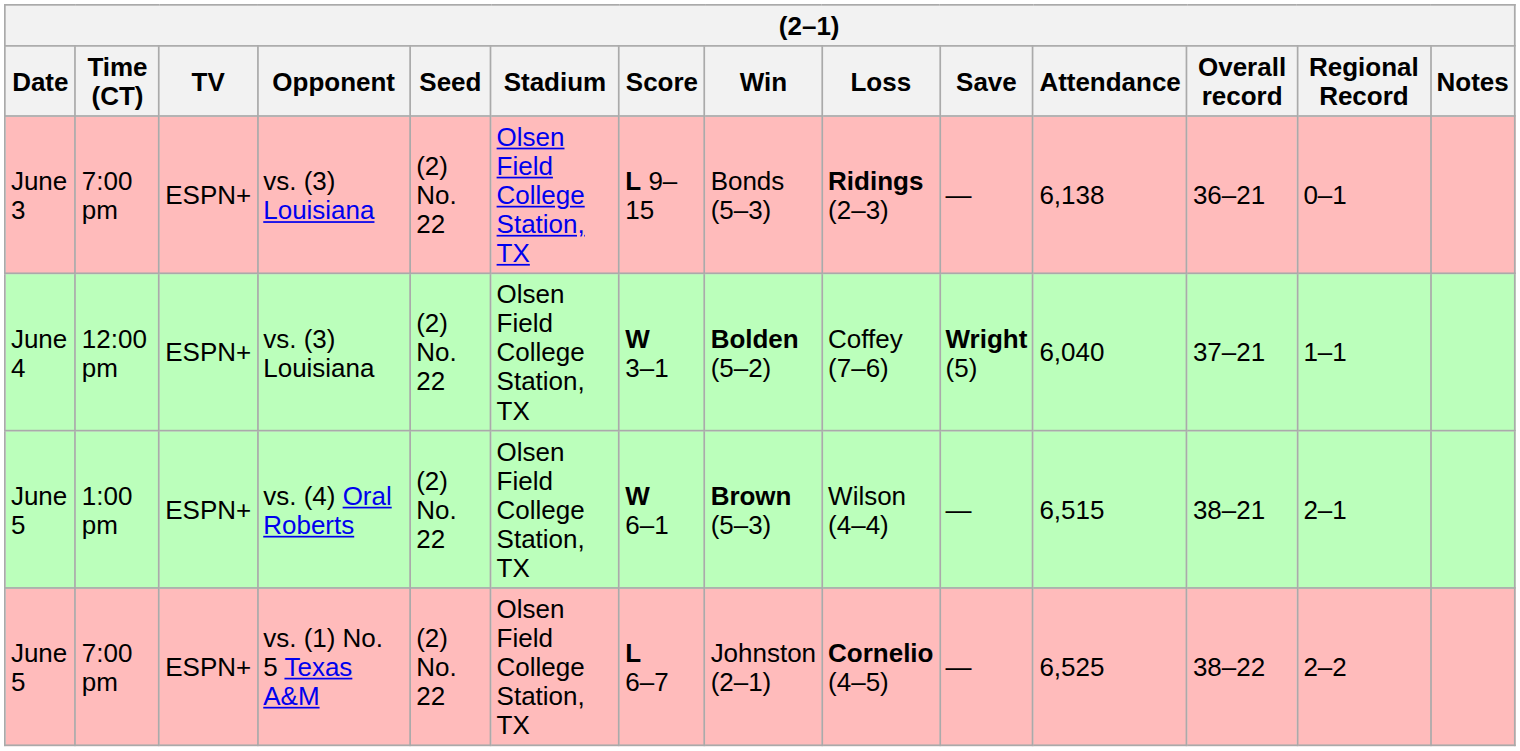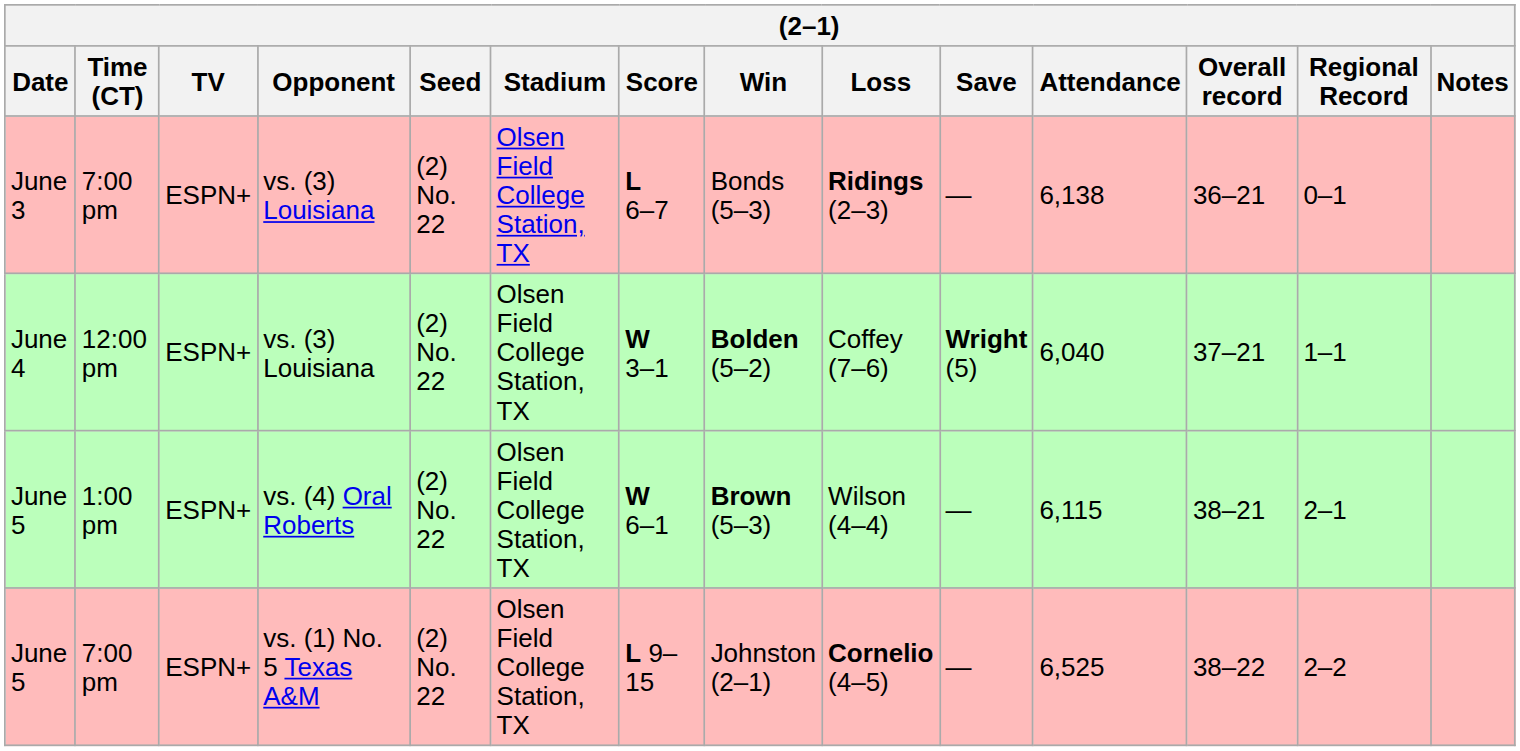 <table class="wikitable collapsible" style="margin:auto; font-size:95%; width:100%">
 <tr>
 <th colspan=15 style="padding-left:4em;"> (2–1)</th>
 </tr>
 <tr>
 <th>Date</th>
 <th>Time (CT)</th>
 <th>TV</th>
 <th>Opponent</th>
 <th>Seed</th>
 <th>Stadium</th>
 <th>Score</th>
 <th>Win</th>
 <th>Loss</th>
 <th>Save</th>
 <th>Attendance</th>
 <th>Overall record</th>
 <th>Regional Record</th>
 <th>Notes</th>
 </tr>
 <tr bgcolor="#ffbbbb">
 <td>June 3</td>
 <td>7:00 pm</td>
 <td>ESPN+</td>
 <td>vs. (3) <a href='#'>Louisiana</a></td>
 <td>(2) No. 22</td>
 <td><a href='#'>Olsen Field</a><br><a href='#'>College Station, TX</a></td>
-<td><strong>L</strong> 9–15</td>
+<td><strong>L</strong><br>6–7</td>
 <td>Bonds<br>(5–3)</td>
 <td><strong>Ridings</strong><br>(2–3)</td>
 <td>—</td>
 <td>6,138</td>
 <td>36–21</td>
 <td>0–1</td>
 <td><br></td>
 </tr>
 <tr bgcolor="bbffbb">
 <td>June 4</td>
 <td>12:00 pm</td>
 <td>ESPN+</td>
 <td>vs. (3) Louisiana</td>
 <td>(2) No. 22</td>
 <td>Olsen Field<br>College Station, TX</td>
 <td><strong>W</strong><br>3–1</td>
 <td><strong>Bolden</strong><br>(5–2)</td>
 <td>Coffey<br>(7–6)</td>
 <td><strong>Wright</strong><br>(5)</td>
 <td>6,040</td>
 <td>37–21</td>
 <td>1–1</td>
 <td><br></td>
 </tr>
 <tr bgcolor="bbffbb">
 <td>June 5</td>
 <td>1:00 pm</td>
 <td>ESPN+</td>
 <td>vs. (4) <a href='#'>Oral Roberts</a></td>
 <td>(2) No. 22</td>
 <td>Olsen Field<br>College Station, TX</td>
 <td><strong>W</strong><br>6–1</td>
 <td><strong>Brown</strong><br>(5–3)</td>
 <td>Wilson<br>(4–4)</td>
 <td>—</td>
-<td>6,515</td>
+<td>6,115</td>
 <td>38–21</td>
 <td>2–1</td>
 <td></td>
 </tr>
 <tr bgcolor="#ffbbbb">
 <td>June 5</td>
 <td>7:00 pm</td>
 <td>ESPN+</td>
 <td>vs. (1)  No. 5 <a href='#'>Texas A&M</a></td>
 <td>(2) No. 22</td>
 <td>Olsen Field<br>College Station, TX</td>
-<td><strong>L</strong><br>6–7</td>
+<td><strong>L</strong> 9–15</td>
 <td>Johnston<br>(2–1)</td>
 <td><strong>Cornelio</strong><br>(4–5)</td>
 <td>—</td>
 <td>6,525</td>
 <td>38–22</td>
 <td>2–2</td>
 <td></td>
 </tr>
 </table>
